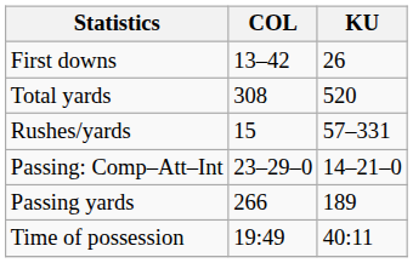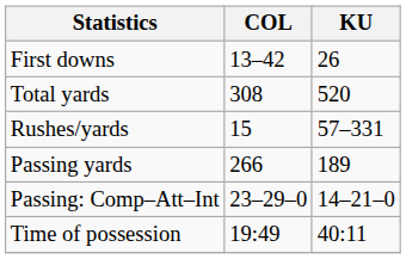 <table class="wikitable" style="float: left;">
 <tr>
 <th>Statistics</th>
 <th>COL</th>
 <th>KU</th>
 </tr>
 <tr>
 <td>First downs</td>
 <td>13–42</td>
 <td>26</td>
 </tr>
 <tr>
 <td>Total yards</td>
 <td>308</td>
 <td>520</td>
 </tr>
 <tr>
 <td>Rushes/yards</td>
 <td>15</td>
 <td>57–331</td>
 </tr>
 <tr>
+<td>Passing yards</td>
+<td>266</td>
+<td>189</td>
+</tr>
+<tr>
 <td>Passing: Comp–Att–Int</td>
 <td>23–29–0</td>
 <td>14–21–0</td>
-</tr>
-<tr>
-<td>Passing yards</td>
-<td>266</td>
-<td>189</td>
 </tr>
 <tr>
 <td>Time of possession</td>
 <td>19:49</td>
 <td>40:11</td>
 </tr>
 <tr>
 </tr>
 </table>
